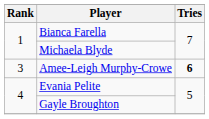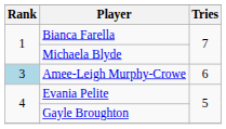 <table class="wikitable sortable">
 <tr>
 </tr>
 <tr>
 <th>Rank</th>
 <th>Player</th>
 <th>Tries</th>
 </tr>
 <tr>
 <td align=center rowspan=2>1</td>
 <td> <a href='#'>Bianca Farella</a></td>
 <td align=center rowspan=2>7</td>
 </tr>
 <tr>
 <td> <a href='#'>Michaela Blyde</a></td>
 </tr>
 <tr>
-<td align=center>3</td>
+<td align=center style="background: lightblue;">3</td>
 <td> <a href='#'>Amee-Leigh Murphy-Crowe</a></td>
-<td align=center><strong>6</strong></td>
+<td align=center>6</td>
 </tr>
 <tr>
 <td align=center rowspan=2>4</td>
 <td> <a href='#'>Evania Pelite</a></td>
 <td align=center rowspan=2>5</td>
 </tr>
 <tr>
 <td> <a href='#'>Gayle Broughton</a></td>
 </tr>
 <tr>
 </tr>
 </table>
